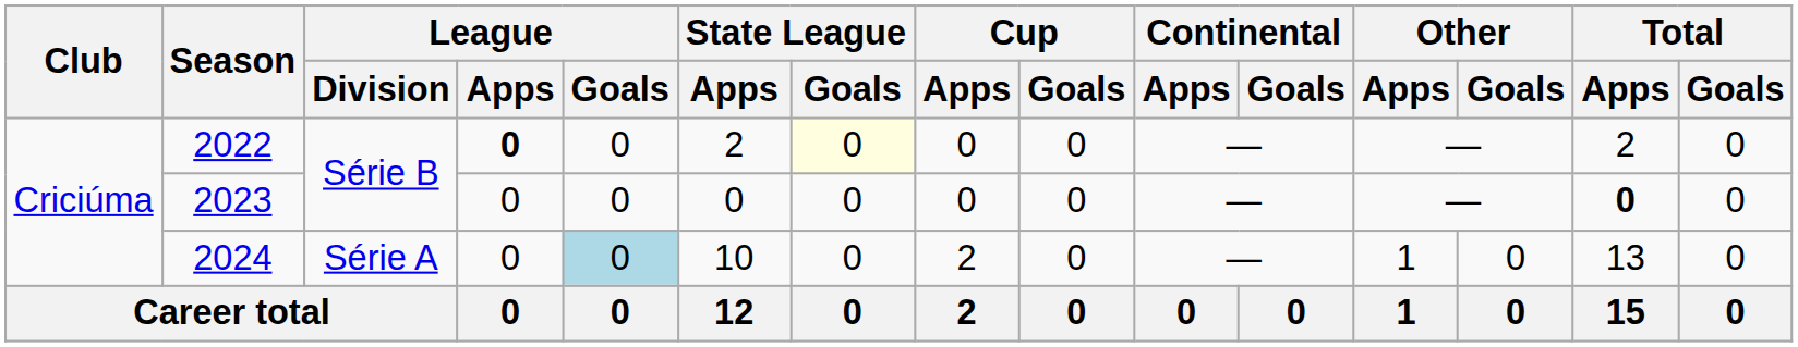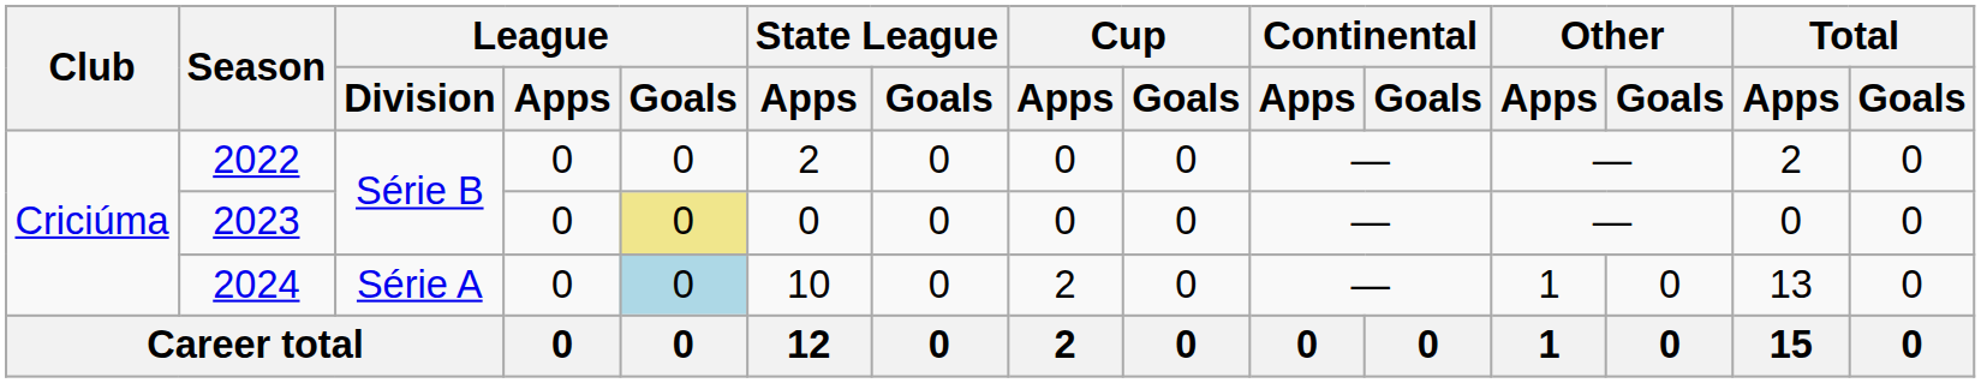 <table class="wikitable" style="text-align: center;">
 <tr>
 <th rowspan="2">Club</th>
 <th rowspan="2">Season</th>
 <th colspan="3">League</th>
 <th colspan="2">State League</th>
 <th colspan="2">Cup</th>
 <th colspan="2">Continental</th>
 <th colspan="2">Other</th>
 <th colspan="2">Total</th>
 </tr>
 <tr>
 <th>Division</th>
 <th>Apps</th>
 <th>Goals</th>
 <th>Apps</th>
 <th>Goals</th>
 <th>Apps</th>
 <th>Goals</th>
 <th>Apps</th>
 <th>Goals</th>
 <th>Apps</th>
 <th>Goals</th>
 <th>Apps</th>
 <th>Goals</th>
 </tr>
 <tr>
 <td rowspan="3"><a href='#'>Criciúma</a></td>
 <td><a href='#'>2022</a></td>
 <td rowspan="2"><a href='#'>Série B</a></td>
-<td><strong>0</strong></td>
+<td>0</td>
 <td>0</td>
 <td>2</td>
-<td style="background: lightyellow;">0</td>
+<td>0</td>
 <td>0</td>
 <td>0</td>
 <td colspan="2">—</td>
 <td colspan="2">—</td>
 <td>2</td>
 <td>0</td>
 </tr>
 <tr>
 <td><a href='#'>2023</a></td>
 <td>0</td>
-<td>0</td>
+<td style="background: khaki;">0</td>
 <td>0</td>
 <td>0</td>
 <td>0</td>
 <td>0</td>
 <td colspan="2">—</td>
 <td colspan="2">—</td>
-<td><strong>0</strong></td>
+<td>0</td>
 <td>0</td>
 </tr>
 <tr>
 <td><a href='#'>2024</a></td>
 <td><a href='#'>Série A</a></td>
 <td>0</td>
 <td style="background: lightblue;">0</td>
 <td>10</td>
 <td>0</td>
 <td>2</td>
 <td>0</td>
 <td colspan="2">—</td>
 <td>1</td>
 <td>0</td>
 <td>13</td>
 <td>0</td>
 </tr>
 <tr>
 <th colspan="3">Career total</th>
 <th>0</th>
 <th>0</th>
 <th>12</th>
 <th>0</th>
 <th>2</th>
 <th>0</th>
 <th>0</th>
 <th>0</th>
 <th>1</th>
 <th>0</th>
 <th>15</th>
 <th>0</th>
 </tr>
 </table>
